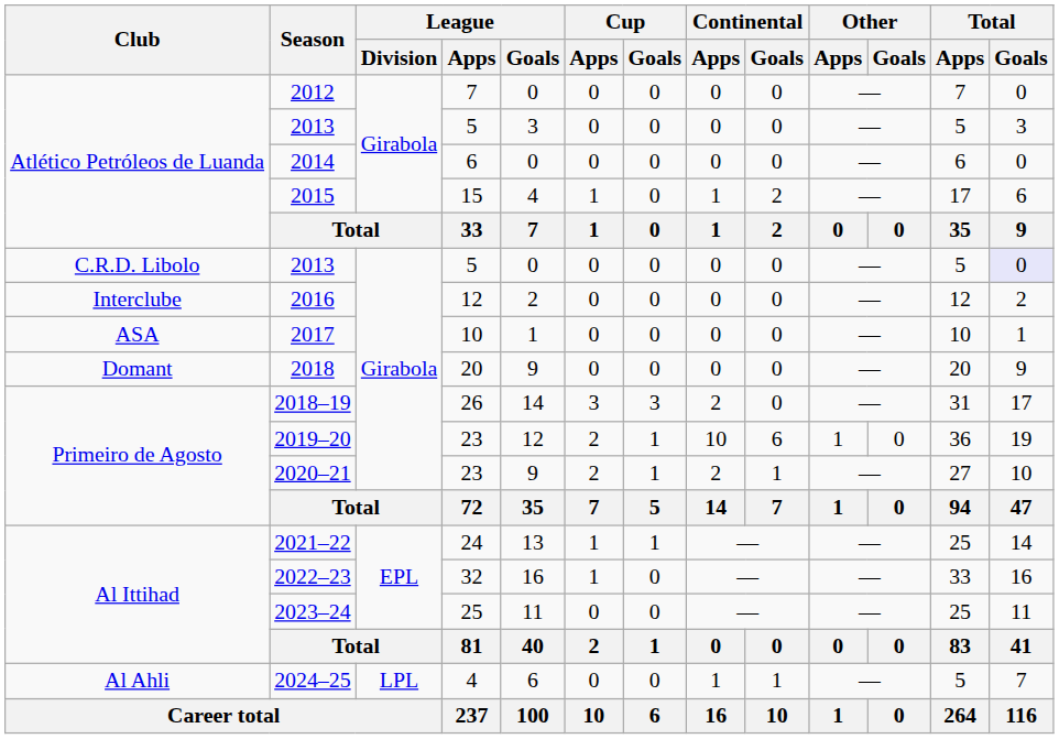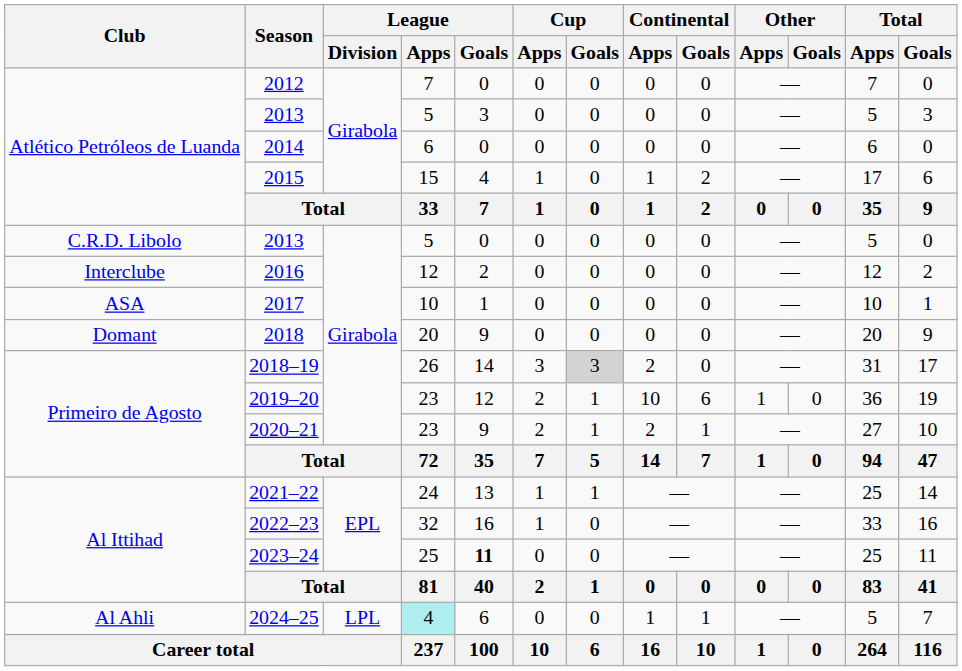 <table class="wikitable" style="text-align:center">
 <tr>
 <th rowspan="2">Club</th>
 <th rowspan="2">Season</th>
 <th colspan="3">League</th>
 <th colspan="2">Cup</th>
 <th colspan="2">Continental</th>
 <th colspan="2">Other</th>
 <th colspan="2">Total</th>
 </tr>
 <tr>
 <th>Division</th>
 <th>Apps</th>
 <th>Goals</th>
 <th>Apps</th>
 <th>Goals</th>
 <th>Apps</th>
 <th>Goals</th>
 <th>Apps</th>
 <th>Goals</th>
 <th>Apps</th>
 <th>Goals</th>
 </tr>
 <tr>
 <td rowspan="5"><a href='#'>Atlético Petróleos de Luanda</a></td>
 <td><a href='#'>2012</a></td>
 <td rowspan="4"><a href='#'>Girabola</a></td>
 <td>7</td>
 <td>0</td>
 <td>0</td>
 <td>0</td>
 <td>0</td>
 <td>0</td>
 <td colspan="2">—</td>
 <td>7</td>
 <td>0</td>
 </tr>
 <tr>
 <td><a href='#'>2013</a></td>
 <td>5</td>
 <td>3</td>
 <td>0</td>
 <td>0</td>
 <td>0</td>
 <td>0</td>
 <td colspan="2">—</td>
 <td>5</td>
 <td>3</td>
 </tr>
 <tr>
 <td><a href='#'>2014</a></td>
 <td>6</td>
 <td>0</td>
 <td>0</td>
 <td>0</td>
 <td>0</td>
 <td>0</td>
 <td colspan="2">—</td>
 <td>6</td>
 <td>0</td>
 </tr>
 <tr>
 <td><a href='#'>2015</a></td>
 <td>15</td>
 <td>4</td>
 <td>1</td>
 <td>0</td>
 <td>1</td>
 <td>2</td>
 <td colspan="2">—</td>
 <td>17</td>
 <td>6</td>
 </tr>
 <tr>
 <th colspan="2">Total</th>
 <th>33</th>
 <th>7</th>
 <th>1</th>
 <th>0</th>
 <th>1</th>
 <th>2</th>
 <th>0</th>
 <th>0</th>
 <th>35</th>
 <th>9</th>
 </tr>
 <tr>
 <td><a href='#'>C.R.D. Libolo</a></td>
 <td><a href='#'>2013</a></td>
 <td rowspan="7"><a href='#'>Girabola</a></td>
 <td>5</td>
 <td>0</td>
 <td>0</td>
 <td>0</td>
 <td>0</td>
 <td>0</td>
 <td colspan="2">—</td>
 <td>5</td>
-<td style="background: lavender;">0</td>
+<td>0</td>
 </tr>
 <tr>
 <td><a href='#'>Interclube</a></td>
 <td><a href='#'>2016</a></td>
 <td>12</td>
 <td>2</td>
 <td>0</td>
 <td>0</td>
 <td>0</td>
 <td>0</td>
 <td colspan="2">—</td>
 <td>12</td>
 <td>2</td>
 </tr>
 <tr>
 <td><a href='#'>ASA</a></td>
 <td><a href='#'>2017</a></td>
 <td>10</td>
 <td>1</td>
 <td>0</td>
 <td>0</td>
 <td>0</td>
 <td>0</td>
 <td colspan="2">—</td>
 <td>10</td>
 <td>1</td>
 </tr>
 <tr>
 <td><a href='#'>Domant</a></td>
 <td><a href='#'>2018</a></td>
 <td>20</td>
 <td>9</td>
 <td>0</td>
 <td>0</td>
 <td>0</td>
 <td>0</td>
 <td colspan="2">—</td>
 <td>20</td>
 <td>9</td>
 </tr>
 <tr>
 <td rowspan="4"><a href='#'>Primeiro de Agosto</a></td>
 <td><a href='#'>2018–19</a></td>
 <td>26</td>
 <td>14</td>
 <td>3</td>
-<td>3</td>
+<td style="background: lightgrey;">3</td>
 <td>2</td>
 <td>0</td>
 <td colspan="2">—</td>
 <td>31</td>
 <td>17</td>
 </tr>
 <tr>
 <td><a href='#'>2019–20</a></td>
 <td>23</td>
 <td>12</td>
 <td>2</td>
 <td>1</td>
 <td>10</td>
 <td>6</td>
 <td>1</td>
 <td>0</td>
 <td>36</td>
 <td>19</td>
 </tr>
 <tr>
 <td><a href='#'>2020–21</a></td>
 <td>23</td>
 <td>9</td>
 <td>2</td>
 <td>1</td>
 <td>2</td>
 <td>1</td>
 <td colspan="2">—</td>
 <td>27</td>
 <td>10</td>
 </tr>
 <tr>
 <th colspan="2">Total</th>
 <th>72</th>
 <th>35</th>
 <th>7</th>
 <th>5</th>
 <th>14</th>
 <th>7</th>
 <th>1</th>
 <th>0</th>
 <th>94</th>
 <th>47</th>
 </tr>
 <tr>
 <td rowspan="4"><a href='#'>Al Ittihad</a></td>
 <td><a href='#'>2021–22</a></td>
 <td rowspan="3"><a href='#'>EPL</a></td>
 <td>24</td>
 <td>13</td>
 <td>1</td>
 <td>1</td>
 <td colspan="2">—</td>
 <td colspan="2">—</td>
 <td>25</td>
 <td>14</td>
 </tr>
 <tr>
 <td><a href='#'>2022–23</a></td>
 <td>32</td>
 <td>16</td>
 <td>1</td>
 <td>0</td>
 <td colspan="2">—</td>
 <td colspan="2">—</td>
 <td>33</td>
 <td>16</td>
 </tr>
 <tr>
 <td><a href='#'>2023–24</a></td>
 <td>25</td>
-<td>11</td>
+<td><strong>11</strong></td>
 <td>0</td>
 <td>0</td>
 <td colspan="2">—</td>
 <td colspan="2">—</td>
 <td>25</td>
 <td>11</td>
 </tr>
 <tr>
 <th colspan="2">Total</th>
 <th>81</th>
 <th>40</th>
 <th>2</th>
 <th>1</th>
 <th>0</th>
 <th>0</th>
 <th>0</th>
 <th>0</th>
 <th>83</th>
 <th>41</th>
 </tr>
 <tr>
 <td><a href='#'>Al Ahli</a></td>
 <td><a href='#'>2024–25</a></td>
 <td><a href='#'>LPL</a></td>
-<td>4</td>
+<td style="background: paleturquoise;">4</td>
 <td>6</td>
 <td>0</td>
 <td>0</td>
 <td>1</td>
 <td>1</td>
 <td colspan="2">—</td>
 <td>5</td>
 <td>7</td>
 </tr>
 <tr>
 <th colspan="3">Career total</th>
 <th>237</th>
 <th>100</th>
 <th>10</th>
 <th>6</th>
 <th>16</th>
 <th>10</th>
 <th>1</th>
 <th>0</th>
 <th>264</th>
 <th>116</th>
 </tr>
 </table>
